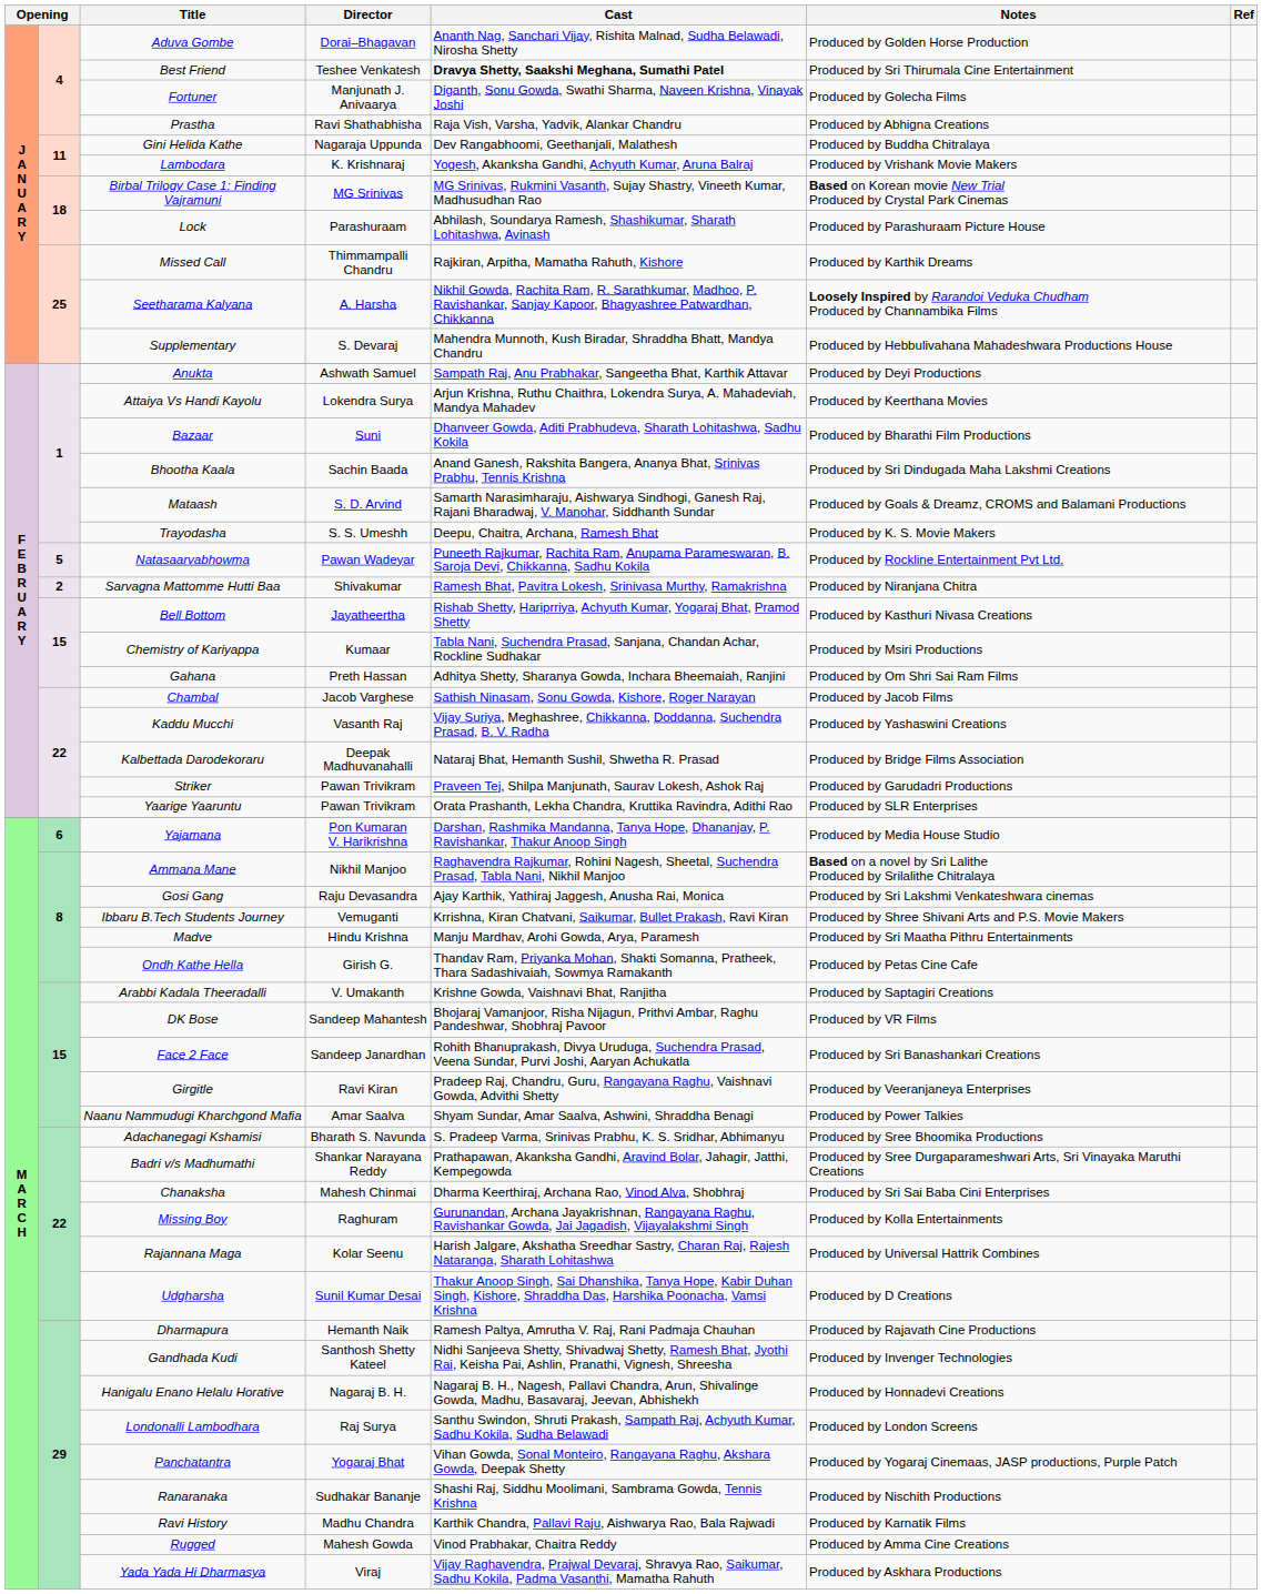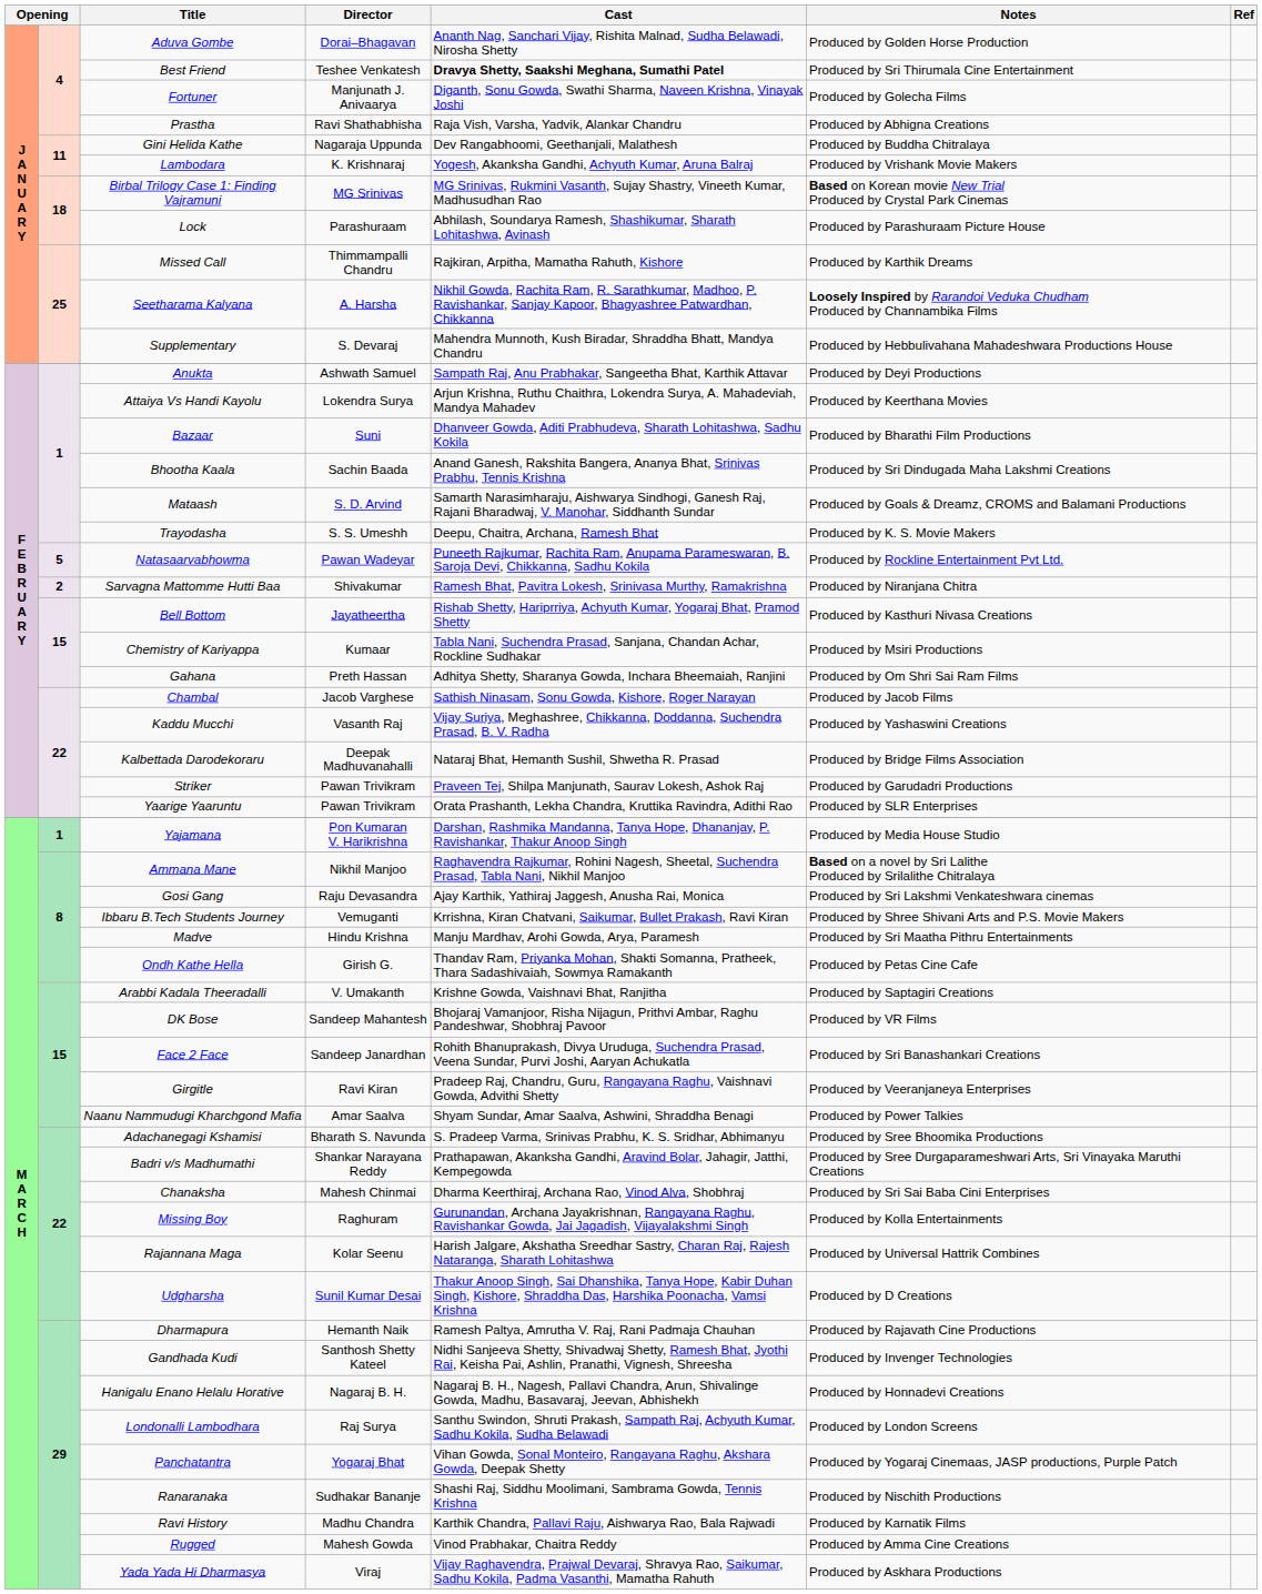 <table class="wikitable sortable">
 <tr style="background:#b0e0e6; text-align:center;">
 <th colspan="2" style="width:6%;"><strong>Opening</strong></th>
 <th style="width:18%;"><strong>Title</strong></th>
 <th style="width:10%;"><strong>Director</strong></th>
 <th style="width:30%;"><strong>Cast</strong></th>
 <th>Notes</th>
 <th>Ref</th>
 </tr>
 <tr January!>
 <td rowspan="11"   style="text-align:center; background:#ffa07a; textcolor:#000;"><strong>J<br>A<br>N<br>U<br>A<br>R<br>Y</strong></td>
 <td rowspan="4" style="text-align:center;  background:#ffdacc; textcolor:#000;"><strong>4</strong></td>
 <td align="center"><em><a href='#'>Aduva Gombe</a></em></td>
 <td align="center"><a href='#'>Dorai–Bhagavan</a></td>
 <td><a href='#'>Ananth Nag</a>, <a href='#'>Sanchari Vijay</a>, Rishita Malnad, <a href='#'>Sudha Belawadi</a>, Nirosha Shetty</td>
 <td>Produced by Golden Horse Production</td>
 <td align="center"></td>
 </tr>
 <tr>
 <td align="center"><em>Best Friend</em></td>
 <td align="center">Teshee Venkatesh</td>
 <td><strong>Dravya Shetty, Saakshi Meghana, Sumathi Patel</strong></td>
 <td>Produced by Sri Thirumala Cine Entertainment</td>
 <td align="center"></td>
 </tr>
 <tr>
 <td align="center"><em><a href='#'>Fortuner</a></em></td>
 <td align="center">Manjunath J. Anivaarya</td>
 <td><a href='#'>Diganth</a>, <a href='#'>Sonu Gowda</a>, Swathi Sharma, <a href='#'>Naveen Krishna</a>, <a href='#'>Vinayak Joshi</a></td>
 <td>Produced by Golecha Films</td>
 <td align="center"></td>
 </tr>
 <tr>
 <td align="center"><em>Prastha</em></td>
 <td align="center">Ravi Shathabhisha</td>
 <td>Raja Vish, Varsha, Yadvik, Alankar Chandru</td>
 <td>Produced by Abhigna Creations</td>
 <td align="center"></td>
 </tr>
 <tr>
 <td rowspan="2" style="text-align:center;  background:#ffdacc; textcolor:#000;"><strong>11</strong></td>
 <td align="center"><em>Gini Helida Kathe</em></td>
 <td align="center">Nagaraja Uppunda</td>
 <td>Dev Rangabhoomi, Geethanjali, Malathesh</td>
 <td>Produced by Buddha Chitralaya</td>
 <td align="center"></td>
 </tr>
 <tr>
 <td align="center"><em><a href='#'>Lambodara</a></em></td>
 <td align="center">K. Krishnaraj</td>
 <td><a href='#'>Yogesh</a>, Akanksha Gandhi, <a href='#'>Achyuth Kumar</a>, <a href='#'>Aruna Balraj</a></td>
 <td>Produced by Vrishank Movie Makers</td>
 <td align="center"></td>
 </tr>
 <tr>
 <td rowspan="2" style="text-align:center;  background:#ffdacc; textcolor:#000;"><strong>18</strong></td>
 <td align="center"><em><a href='#'>Birbal Trilogy Case 1: Finding Vajramuni</a></em></td>
 <td align="center"><a href='#'>MG Srinivas</a></td>
 <td><a href='#'>MG Srinivas</a>, <a href='#'>Rukmini Vasanth</a>, Sujay Shastry, Vineeth Kumar, Madhusudhan Rao</td>
 <td><strong>Based</strong> on Korean movie <em><a href='#'>New Trial</a></em>  <br> Produced by Crystal Park Cinemas</td>
 <td align="center"></td>
 </tr>
 <tr>
 <td align="center"><em>Lock</em></td>
 <td align="center">Parashuraam</td>
 <td>Abhilash, Soundarya Ramesh, <a href='#'>Shashikumar</a>, <a href='#'>Sharath Lohitashwa</a>, <a href='#'>Avinash</a></td>
 <td>Produced by Parashuraam Picture House</td>
 <td align="center"></td>
 </tr>
 <tr>
 <td rowspan="3" style="text-align:center;  background:#ffdacc; textcolor:#000;"><strong>25</strong></td>
 <td align="center"><em>Missed Call</em></td>
 <td align="center">Thimmampalli Chandru</td>
 <td>Rajkiran, Arpitha, Mamatha Rahuth, <a href='#'>Kishore</a></td>
 <td>Produced by Karthik Dreams</td>
 <td align="center"></td>
 </tr>
 <tr>
 <td align="center"><em><a href='#'>Seetharama Kalyana</a></em></td>
 <td align="center"><a href='#'>A. Harsha</a></td>
 <td><a href='#'>Nikhil Gowda</a>, <a href='#'>Rachita Ram</a>, <a href='#'>R. Sarathkumar</a>, <a href='#'>Madhoo</a>, <a href='#'>P. Ravishankar</a>, <a href='#'>Sanjay Kapoor</a>, <a href='#'>Bhagyashree Patwardhan</a>, <a href='#'>Chikkanna</a></td>
 <td><strong>Loosely Inspired</strong> by <em><a href='#'>Rarandoi Veduka Chudham</a></em> <br> Produced by Channambika Films</td>
 <td align="center"></td>
 </tr>
 <tr>
 <td align="center"><em>Supplementary</em></td>
 <td align="center">S. Devaraj</td>
 <td>Mahendra Munnoth, Kush Biradar, Shraddha Bhatt, Mandya Chandru</td>
 <td>Produced by Hebbulivahana Mahadeshwara Productions House</td>
 <td align="center"></td>
 </tr>
 <tr>
 </tr>
 <tr February!>
 <td rowspan="16"style="text-align:center; background:#dcc7df; textcolor:#000;"><strong>F<br>E<br>B<br>R<br>U<br>A<br>R<br>Y</strong></td>
 <td rowspan="6" style="text-align:center; textcolor:#000; background:#ede3ef;"><strong>1</strong></td>
 <td align="center"><em><a href='#'>Anukta</a></em></td>
 <td align="center">Ashwath Samuel</td>
 <td><a href='#'>Sampath Raj</a>, <a href='#'>Anu Prabhakar</a>, Sangeetha Bhat, Karthik Attavar</td>
 <td>Produced by Deyi Productions</td>
 <td align="center"></td>
 </tr>
 <tr>
 <td align="center"><em>Attaiya Vs Handi Kayolu</em></td>
 <td align="center">Lokendra Surya</td>
 <td>Arjun Krishna, Ruthu Chaithra, Lokendra Surya, A. Mahadeviah, Mandya Mahadev</td>
 <td>Produced by Keerthana Movies</td>
 <td align="center"></td>
 </tr>
 <tr>
 <td align="center"><em><a href='#'>Bazaar</a></em></td>
 <td align="center"><a href='#'>Suni</a></td>
 <td><a href='#'>Dhanveer Gowda</a>, <a href='#'>Aditi Prabhudeva</a>, <a href='#'>Sharath Lohitashwa</a>, <a href='#'>Sadhu Kokila</a></td>
 <td>Produced by Bharathi Film Productions</td>
 <td align="center"></td>
 </tr>
 <tr>
 <td align="center"><em>Bhootha Kaala</em></td>
 <td align="center">Sachin Baada</td>
 <td>Anand Ganesh, Rakshita Bangera, Ananya Bhat, <a href='#'>Srinivas Prabhu</a>, <a href='#'>Tennis Krishna</a></td>
 <td>Produced by Sri Dindugada Maha Lakshmi Creations</td>
 <td align="center"></td>
 </tr>
 <tr>
 <td align="center"><em>Mataash</em></td>
 <td align="center"><a href='#'>S. D. Arvind</a></td>
 <td>Samarth Narasimharaju, Aishwarya Sindhogi, Ganesh Raj, Rajani Bharadwaj, <a href='#'>V. Manohar</a>, Siddhanth Sundar</td>
 <td>Produced by Goals & Dreamz, CROMS and Balamani Productions</td>
 <td align="center"></td>
 </tr>
 <tr>
 <td align="center"><em>Trayodasha</em></td>
 <td align="center">S. S. Umeshh</td>
 <td>Deepu, Chaitra, Archana, <a href='#'>Ramesh Bhat</a></td>
 <td>Produced by K. S. Movie Makers</td>
 <td align="center"></td>
 </tr>
 <tr>
 <td rowspan="1" style="text-align:center; textcolor:#000; background:#ede3ef;"><strong>5</strong></td>
 <td align="center"><em><a href='#'>Natasaarvabhowma</a></em></td>
 <td align="center"><a href='#'>Pawan Wadeyar</a></td>
 <td><a href='#'>Puneeth Rajkumar</a>, <a href='#'>Rachita Ram</a>, <a href='#'>Anupama Parameswaran</a>, <a href='#'>B. Saroja Devi</a>, <a href='#'>Chikkanna</a>, <a href='#'>Sadhu Kokila</a></td>
 <td>Produced by <a href='#'>Rockline Entertainment Pvt Ltd.</a></td>
 <td align="center"></td>
 </tr>
 <tr>
 <td rowspan="1" style="text-align:center; textcolor:#000; background:#ede3ef;"><strong>2</strong></td>
 <td align="center"><em>Sarvagna Mattomme Hutti Baa</em></td>
 <td align="center">Shivakumar</td>
 <td><a href='#'>Ramesh Bhat</a>, <a href='#'>Pavitra Lokesh</a>, <a href='#'>Srinivasa Murthy</a>, <a href='#'>Ramakrishna</a></td>
 <td>Produced by Niranjana Chitra</td>
 <td align="center"></td>
 </tr>
 <tr>
 <td rowspan="3" style="text-align:center; textcolor:#000; background:#ede3ef;"><strong>15</strong></td>
 <td align="center"><em><a href='#'>Bell Bottom</a></em></td>
 <td align="center"><a href='#'>Jayatheertha</a></td>
 <td><a href='#'>Rishab Shetty</a>, <a href='#'>Hariprriya</a>, <a href='#'>Achyuth Kumar</a>, <a href='#'>Yogaraj Bhat</a>, <a href='#'>Pramod Shetty</a></td>
 <td>Produced by Kasthuri Nivasa Creations</td>
 <td align="center"></td>
 </tr>
 <tr>
 <td align="center"><em>Chemistry of Kariyappa</em></td>
 <td align="center">Kumaar</td>
 <td><a href='#'>Tabla Nani</a>, <a href='#'>Suchendra Prasad</a>, Sanjana, Chandan Achar, Rockline Sudhakar</td>
 <td>Produced by Msiri Productions</td>
 <td align="center"></td>
 </tr>
 <tr>
 <td align="center"><em>Gahana</em></td>
 <td align="center">Preth Hassan</td>
 <td>Adhitya Shetty, Sharanya Gowda, Inchara Bheemaiah, Ranjini</td>
 <td>Produced by Om Shri Sai Ram Films</td>
 <td align="center"></td>
 </tr>
 <tr>
 <td rowspan="5" style="text-align:center; textcolor:#000; background:#ede3ef;"><strong>22</strong></td>
 <td align="center"><em><a href='#'>Chambal</a></em></td>
 <td align="center">Jacob Varghese</td>
 <td><a href='#'>Sathish Ninasam</a>, <a href='#'>Sonu Gowda</a>, <a href='#'>Kishore</a>, <a href='#'>Roger Narayan</a></td>
 <td>Produced by Jacob Films</td>
 <td align="center"></td>
 </tr>
 <tr>
 <td align="center"><em>Kaddu Mucchi</em></td>
 <td align="center">Vasanth Raj</td>
 <td><a href='#'>Vijay Suriya</a>, Meghashree, <a href='#'>Chikkanna</a>, <a href='#'>Doddanna</a>, <a href='#'>Suchendra Prasad</a>, <a href='#'>B. V. Radha</a></td>
 <td>Produced by Yashaswini Creations</td>
 <td align="center"></td>
 </tr>
 <tr>
 <td align="center"><em>Kalbettada Darodekoraru</em></td>
 <td align="center">Deepak Madhuvanahalli</td>
 <td>Nataraj Bhat, Hemanth Sushil, Shwetha R. Prasad</td>
 <td>Produced by Bridge Films Association</td>
 <td align="center"></td>
 </tr>
 <tr>
 <td align="center"><em>Striker</em></td>
 <td align="center">Pawan Trivikram</td>
 <td><a href='#'>Praveen Tej</a>, Shilpa Manjunath, Saurav Lokesh, Ashok Raj</td>
 <td>Produced by Garudadri Productions</td>
 <td align="center"></td>
 </tr>
 <tr>
 <td align="center"><em>Yaarige Yaaruntu</em></td>
 <td align="center">Pawan Trivikram</td>
 <td>Orata Prashanth, Lekha Chandra, Kruttika Ravindra, Adithi Rao</td>
 <td>Produced by SLR Enterprises</td>
 <td align="center"></td>
 </tr>
 <tr>
 </tr>
 <tr March!>
 <td rowspan="26" style="text-align:center; background:#98fb98; textcolor:#000;"><strong>M<br>A<br>R<br>C<br>H</strong></td>
-<td rowspan="1" style="text-align:center;background:#a8e4bc;"><strong>6</strong></td>
+<td rowspan="1" style="text-align:center;background:#a8e4bc;"><strong>1</strong></td>
 <td align="center"><em><a href='#'>Yajamana</a></em></td>
 <td align="center"><a href='#'>Pon Kumaran</a> <br> <a href='#'>V. Harikrishna</a></td>
 <td><a href='#'>Darshan</a>, <a href='#'>Rashmika Mandanna</a>, <a href='#'>Tanya Hope</a>, <a href='#'>Dhananjay</a>, <a href='#'>P. Ravishankar</a>, <a href='#'>Thakur Anoop Singh</a></td>
 <td>Produced by Media House Studio</td>
 <td align="center"></td>
 </tr>
 <tr>
 <td rowspan="5" style="text-align:center;background:#a8e4bc;"><strong>8</strong></td>
 <td align="center"><em><a href='#'>Ammana Mane</a></em></td>
 <td align="center">Nikhil Manjoo</td>
 <td><a href='#'>Raghavendra Rajkumar</a>, Rohini Nagesh, Sheetal, <a href='#'>Suchendra Prasad</a>, <a href='#'>Tabla Nani</a>, Nikhil Manjoo</td>
 <td><strong>Based </strong> on a novel by Sri Lalithe <br> Produced by Srilalithe Chitralaya</td>
 <td align="center"></td>
 </tr>
 <tr>
 <td align="center"><em>Gosi Gang</em></td>
 <td align="center">Raju Devasandra</td>
 <td>Ajay Karthik, Yathiraj Jaggesh, Anusha Rai, Monica</td>
 <td>Produced by Sri Lakshmi Venkateshwara cinemas</td>
 <td align="center"></td>
 </tr>
 <tr>
 <td align="center"><em>Ibbaru B.Tech Students Journey</em></td>
 <td align="center">Vemuganti</td>
 <td>Krrishna, Kiran Chatvani, <a href='#'>Saikumar</a>, <a href='#'>Bullet Prakash</a>, Ravi Kiran</td>
 <td>Produced by Shree Shivani Arts and P.S. Movie Makers</td>
 <td align="center"></td>
 </tr>
 <tr>
 <td align="center"><em>Madve</em></td>
 <td align="center">Hindu Krishna</td>
 <td>Manju Mardhav, Arohi Gowda, Arya, Paramesh</td>
 <td>Produced by Sri Maatha Pithru Entertainments</td>
 <td align="center"></td>
 </tr>
 <tr>
 <td align="center"><em><a href='#'>Ondh Kathe Hella</a></em></td>
 <td align="center">Girish G.</td>
 <td>Thandav Ram, <a href='#'>Priyanka Mohan</a>, Shakti Somanna, Pratheek, Thara Sadashivaiah, Sowmya Ramakanth</td>
 <td>Produced by Petas Cine Cafe</td>
 <td align="center"></td>
 </tr>
 <tr>
 <td rowspan="5" style="text-align:center;background:#a8e4bc;"><strong>15</strong></td>
 <td align="center"><em>Arabbi Kadala Theeradalli</em></td>
 <td align="center">V. Umakanth</td>
 <td>Krishne Gowda, Vaishnavi Bhat, Ranjitha</td>
 <td>Produced by Saptagiri Creations</td>
 <td align="center"></td>
 </tr>
 <tr>
 <td align="center"><em>DK Bose</em></td>
 <td align="center">Sandeep Mahantesh</td>
 <td>Bhojaraj Vamanjoor, Risha Nijagun, Prithvi Ambar, Raghu Pandeshwar, Shobhraj Pavoor</td>
 <td>Produced by VR Films</td>
 <td align="center"></td>
 </tr>
 <tr>
 <td align="center"><em><a href='#'>Face 2 Face</a></em></td>
 <td align="center">Sandeep Janardhan</td>
 <td>Rohith Bhanuprakash, Divya Uruduga, <a href='#'>Suchendra Prasad</a>, Veena Sundar, Purvi Joshi, Aaryan Achukatla</td>
 <td>Produced by Sri Banashankari Creations</td>
 <td align="center"></td>
 </tr>
 <tr>
 <td align="center"><em>Girgitle</em></td>
 <td align="center">Ravi Kiran</td>
 <td>Pradeep Raj, Chandru, Guru, <a href='#'>Rangayana Raghu</a>, Vaishnavi Gowda, Advithi Shetty</td>
 <td>Produced by Veeranjaneya Enterprises</td>
 <td align="center"></td>
 </tr>
 <tr>
 <td align="center"><em>Naanu Nammudugi Kharchgond Mafia</em></td>
 <td align="center">Amar Saalva</td>
 <td>Shyam Sundar, Amar Saalva, Ashwini, Shraddha Benagi</td>
 <td>Produced by Power Talkies</td>
 <td align="center"></td>
 </tr>
 <tr>
 <td rowspan="6" style="text-align:center;background:#a8e4bc;"><strong>22</strong></td>
 <td align="center"><em>Adachanegagi Kshamisi</em></td>
 <td align="center">Bharath S. Navunda</td>
 <td>S. Pradeep Varma, Srinivas Prabhu, K. S. Sridhar, Abhimanyu</td>
 <td>Produced by Sree Bhoomika Productions</td>
 <td align="center"></td>
 </tr>
 <tr>
 <td align="center"><em>Badri v/s Madhumathi</em></td>
 <td align="center">Shankar Narayana Reddy</td>
 <td>Prathapawan, Akanksha Gandhi, <a href='#'>Aravind Bolar</a>, Jahagir, Jatthi, Kempegowda</td>
 <td>Produced by Sree Durgaparameshwari Arts, Sri Vinayaka Maruthi Creations</td>
 <td align="center"></td>
 </tr>
 <tr>
 <td align="center"><em>Chanaksha</em></td>
 <td align="center">Mahesh Chinmai</td>
 <td>Dharma Keerthiraj, Archana Rao, <a href='#'>Vinod Alva</a>, Shobhraj</td>
 <td>Produced by Sri Sai Baba Cini Enterprises</td>
 <td align="center"></td>
 </tr>
 <tr>
 <td align="center"><em><a href='#'>Missing Boy</a></em></td>
 <td align="center">Raghuram</td>
 <td><a href='#'>Gurunandan</a>, Archana Jayakrishnan, <a href='#'>Rangayana Raghu</a>, <a href='#'>Ravishankar Gowda</a>, <a href='#'>Jai Jagadish</a>, <a href='#'>Vijayalakshmi Singh</a></td>
 <td>Produced by Kolla Entertainments</td>
 <td align="center"></td>
 </tr>
 <tr>
 <td align="center"><em>Rajannana Maga</em></td>
 <td align="center">Kolar Seenu</td>
 <td>Harish Jalgare, Akshatha Sreedhar Sastry, <a href='#'>Charan Raj</a>, <a href='#'>Rajesh Nataranga</a>, <a href='#'>Sharath Lohitashwa</a></td>
 <td>Produced by Universal Hattrik Combines</td>
 <td align="center"></td>
 </tr>
 <tr>
 <td align="center"><em><a href='#'>Udgharsha</a></em></td>
 <td align="center"><a href='#'>Sunil Kumar Desai</a></td>
 <td><a href='#'>Thakur Anoop Singh</a>, <a href='#'>Sai Dhanshika</a>, <a href='#'>Tanya Hope</a>, <a href='#'>Kabir Duhan Singh</a>, <a href='#'>Kishore</a>, <a href='#'>Shraddha Das</a>, <a href='#'>Harshika Poonacha</a>, <a href='#'>Vamsi Krishna</a></td>
 <td>Produced by D Creations</td>
 <td align="center"></td>
 </tr>
 <tr>
 <td rowspan="9" style="text-align:center;background:#a8e4bc;"><strong>29</strong></td>
 <td align="center"><em>Dharmapura</em></td>
 <td align="center">Hemanth Naik</td>
 <td>Ramesh Paltya, Amrutha V. Raj, Rani Padmaja Chauhan</td>
 <td>Produced by Rajavath Cine Productions</td>
 <td align="center"></td>
 </tr>
 <tr>
 <td align="center"><em>Gandhada Kudi</em></td>
 <td align="center">Santhosh Shetty Kateel</td>
 <td>Nidhi Sanjeeva Shetty, Shivadwaj Shetty, <a href='#'>Ramesh Bhat</a>, <a href='#'>Jyothi Rai</a>, Keisha Pai, Ashlin, Pranathi, Vignesh, Shreesha</td>
 <td>Produced by Invenger Technologies</td>
 <td align="center"></td>
 </tr>
 <tr>
 <td align="center"><em>Hanigalu Enano Helalu Horative</em></td>
 <td align="center">Nagaraj B. H.</td>
 <td>Nagaraj B. H., Nagesh, Pallavi Chandra, Arun, Shivalinge Gowda, Madhu, Basavaraj, Jeevan, Abhishekh</td>
 <td>Produced by Honnadevi Creations</td>
 <td align="center"></td>
 </tr>
 <tr>
 <td align="center"><em><a href='#'>Londonalli Lambodhara</a></em></td>
 <td align="center">Raj Surya</td>
 <td>Santhu Swindon, Shruti Prakash, <a href='#'>Sampath Raj</a>, <a href='#'>Achyuth Kumar</a>, <a href='#'>Sadhu Kokila</a>, <a href='#'>Sudha Belawadi</a></td>
 <td>Produced by London Screens</td>
 <td align="center"></td>
 </tr>
 <tr>
 <td align="center"><em><a href='#'>Panchatantra</a></em></td>
 <td align="center"><a href='#'>Yogaraj Bhat</a></td>
 <td>Vihan Gowda, <a href='#'>Sonal Monteiro</a>, <a href='#'>Rangayana Raghu</a>, <a href='#'>Akshara Gowda</a>, Deepak Shetty</td>
 <td>Produced by Yogaraj Cinemaas, JASP productions, Purple Patch</td>
 <td align="center"></td>
 </tr>
 <tr>
 <td align="center"><em>Ranaranaka</em></td>
 <td align="center">Sudhakar Bananje</td>
 <td>Shashi Raj, Siddhu Moolimani, Sambrama Gowda, <a href='#'>Tennis Krishna</a></td>
 <td>Produced by Nischith Productions</td>
 <td align="center"></td>
 </tr>
 <tr>
 <td align="center"><em>Ravi History</em></td>
 <td align="center">Madhu Chandra</td>
 <td>Karthik Chandra, <a href='#'>Pallavi Raju</a>, Aishwarya Rao, Bala Rajwadi</td>
 <td>Produced by Karnatik Films</td>
 <td align="center"></td>
 </tr>
 <tr>
 <td align="center"><em><a href='#'>Rugged</a></em></td>
 <td align="center">Mahesh Gowda</td>
 <td>Vinod Prabhakar, Chaitra Reddy</td>
 <td>Produced by Amma Cine Creations</td>
 <td align="center"></td>
 </tr>
 <tr>
 <td align="center"><em><a href='#'>Yada Yada Hi Dharmasya</a></em></td>
 <td align="center">Viraj</td>
 <td><a href='#'>Vijay Raghavendra</a>, <a href='#'>Prajwal Devaraj</a>, Shravya Rao, <a href='#'>Saikumar</a>, <a href='#'>Sadhu Kokila</a>, <a href='#'>Padma Vasanthi</a>, Mamatha Rahuth</td>
 <td>Produced by Askhara Productions</td>
 <td align="center"></td>
 </tr>
 </table>
